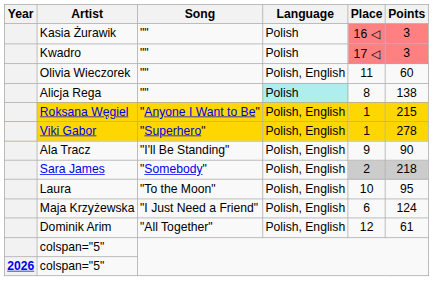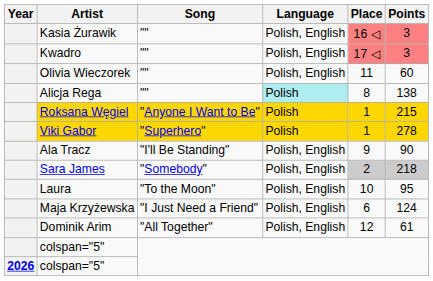 <table class="wikitable sortable plainrowheaders">
 <tr>
 <th scope="col">Year</th>
 <th scope="col">Artist</th>
 <th scope="col">Song</th>
 <th scope="col">Language</th>
 <th scope="col" data-sort-type="number">Place</th>
 <th scope="col" data-sort-type="number">Points</th>
 </tr>
 <tr>
 <th scope="row" style="text-align:center;"></th>
 <td>Kasia Żurawik</td>
 <td>""</td>
-<td>Polish</td>
+<td>Polish, English</td>
 <td style="text-align:center; background-color:#FE8080;">16 ◁</td>
 <td style="text-align:center; background-color:#FE8080;">3</td>
 </tr>
 <tr>
 <th scope="row" style="text-align:center;"></th>
 <td>Kwadro</td>
 <td>""</td>
-<td>Polish</td>
+<td>Polish, English</td>
 <td style="text-align:center; background-color:#FE8080;">17 ◁</td>
 <td style="text-align:center; background-color:#FE8080;">3</td>
 </tr>
 <tr>
 <th scope="row" style="text-align:center;"></th>
 <td>Olivia Wieczorek</td>
 <td>""</td>
 <td>Polish, English</td>
 <td style="text-align:center;">11</td>
 <td style="text-align:center;">60</td>
 </tr>
 <tr>
 <th scope="row" style="text-align:center;"></th>
 <td>Alicja Rega</td>
 <td>""</td>
 <td style="background: paleturquoise;">Polish</td>
 <td style="text-align:center;">8</td>
 <td style="text-align:center;">138</td>
 </tr>
 <tr style="background-color:#FFD700;">
 <th scope="row" style="text-align:center;"></th>
 <td><a href='#'>Roksana Węgiel</a></td>
 <td>"<a href='#'>Anyone I Want to Be</a>"</td>
-<td>Polish, English</td>
+<td>Polish</td>
 <td style="text-align:center;">1</td>
 <td style="text-align:center;">215</td>
 </tr>
 <tr style="background-color:#FFD700;">
 <th scope="row" style="text-align:center;"></th>
 <td><a href='#'>Viki Gabor</a></td>
 <td>"<a href='#'>Superhero</a>"</td>
-<td>Polish, English</td>
+<td>Polish</td>
 <td style="text-align:center;">1</td>
 <td style="text-align:center;">278</td>
 </tr>
 <tr>
 <th scope="row" style="text-align:center;"></th>
 <td>Ala Tracz</td>
 <td>"I'll Be Standing"</td>
 <td>Polish, English</td>
 <td style="text-align:center;">9</td>
 <td style="text-align:center;">90</td>
 </tr>
 <tr>
 <th scope="row" style="text-align:center;"></th>
 <td><a href='#'>Sara James</a></td>
 <td>"<a href='#'>Somebody</a>"</td>
 <td>Polish, English</td>
 <td style="text-align:center; background-color:#CCC;">2</td>
 <td style="text-align:center; background-color:#CCC;">218</td>
 </tr>
 <tr>
 <th scope="row" style="text-align:center;"></th>
 <td>Laura</td>
 <td>"To the Moon"</td>
 <td>Polish, English</td>
 <td style="text-align:center;">10</td>
 <td style="text-align:center;">95</td>
 </tr>
 <tr>
 <th scope="row" style="text-align:center;"></th>
 <td>Maja Krzyżewska</td>
 <td>"I Just Need a Friend"</td>
 <td>Polish, English</td>
 <td style="text-align:center;">6</td>
 <td style="text-align:center;">124</td>
 </tr>
 <tr>
 <th scope="row" style="text-align:center;"></th>
 <td>Dominik Arim</td>
 <td>"All Together"</td>
 <td>Polish, English</td>
 <td style="text-align:center;">12</td>
 <td style="text-align:center;">61</td>
 </tr>
 <tr>
 <th scope="row" style="text-align:center;"></th>
 <td>colspan="5" </td>
 </tr>
 <tr>
 <th scope="row" style="text-align:center;"><a href='#'>2026</a></th>
 <td>colspan="5" </td>
 </tr>
 </table>
